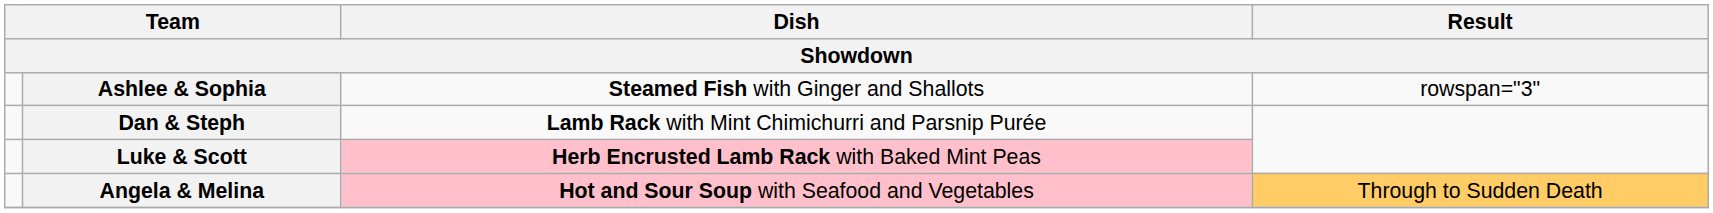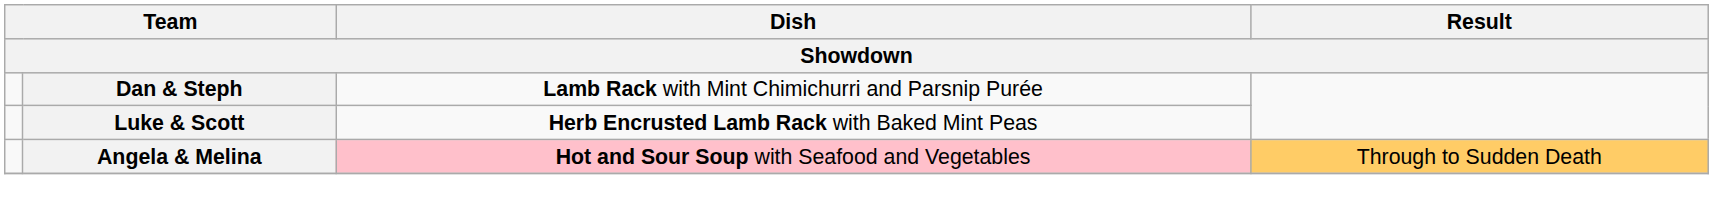 <table class="wikitable plainrowheaders" style="margin:1em auto; text-align:center; font-size:90%; width:80em;">
 <tr>
 <th colspan="2">Team</th>
 <th>Dish</th>
 <th>Result</th>
 </tr>
 <tr>
 <th colspan="4" >Showdown</th>
 </tr>
 <tr>
 <td></td>
-<th>Ashlee & Sophia</th>
-<td><strong>Steamed Fish</strong> with Ginger and Shallots</td>
-<td>rowspan="3" </td>
-</tr>
-<tr>
-<td></td>
 <th>Dan & Steph</th>
 <td><strong>Lamb Rack</strong> with Mint Chimichurri and Parsnip Purée</td>
 </tr>
 <tr>
 <td></td>
 <th>Luke & Scott</th>
-<td style="background: pink;"><strong>Herb Encrusted Lamb Rack</strong> with Baked Mint Peas</td>
+<td><strong>Herb Encrusted Lamb Rack</strong> with Baked Mint Peas</td>
 </tr>
 <tr>
 <td></td>
 <th>Angela & Melina</th>
 <td style="background: pink;"><strong>Hot and Sour Soup</strong> with Seafood and Vegetables</td>
 <td style="background:#FFCC66;">Through to Sudden Death</td>
 </tr>
 <tr>
 </tr>
 </table>
